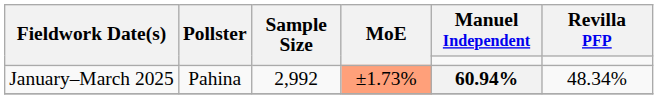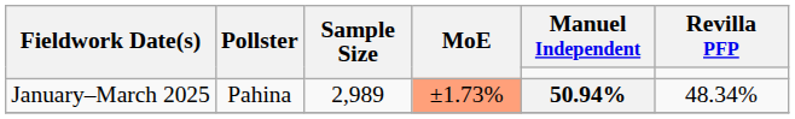 <table class="wikitable" style="text-align:center;font-size:90%;line-height:15px">
 <tr>
 <th rowspan="2">Fieldwork Date(s)</th>
 <th rowspan="2">Pollster</th>
 <th rowspan="2" style="width:60px;">Sample Size</th>
 <th rowspan="2" style="width:60px;">MoE</th>
 <th style="width:75px;">Manuel<br><small><a href='#'>Independent</a></small></th>
 <th style="width:75px;">Revilla<br><small><a href='#'>PFP</a></small></th>
 </tr>
 <tr>
 <td style="background:"></td>
 <td style="background:"></td>
 </tr>
 <tr>
 <td>January–March 2025</td>
 <td>Pahina</td>
-<td>2,992</td>
+<td>2,989</td>
 <td style="background: lightsalmon;">±1.73%</td>
-<th style="background-color:#">60.94%</th>
+<th style="background-color:#">50.94%</th>
 <td>48.34%</td>
 </tr>
 <tr>
 </tr>
 </table>
